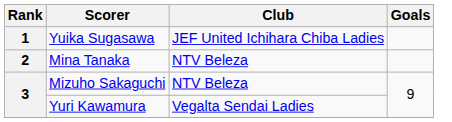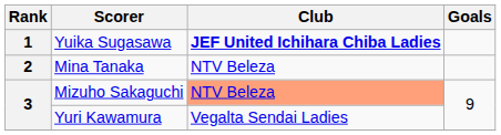 <table class="wikitable">
 <tr>
 <th>Rank</th>
 <th>Scorer</th>
 <th>Club</th>
 <th>Goals</th>
 </tr>
 <tr>
 <th>1</th>
 <td> <a href='#'>Yuika Sugasawa</a></td>
-<td><a href='#'>JEF United Ichihara Chiba Ladies</a></td>
+<td><strong><a href='#'>JEF United Ichihara Chiba Ladies</a></strong></td>
 <td></td>
 </tr>
 <tr>
 <th>2</th>
 <td> <a href='#'>Mina Tanaka</a></td>
 <td><a href='#'>NTV Beleza</a></td>
 <td></td>
 </tr>
 <tr>
 <th rowspan=2>3</th>
 <td> <a href='#'>Mizuho Sakaguchi</a></td>
-<td><a href='#'>NTV Beleza</a></td>
+<td style="background: lightsalmon;"><a href='#'>NTV Beleza</a></td>
 <td rowspan=2 style="text-align:center;">9</td>
 </tr>
 <tr>
 <td> <a href='#'>Yuri Kawamura</a></td>
 <td><a href='#'>Vegalta Sendai Ladies</a></td>
 </tr>
 <tr>
 </tr>
 </table>
